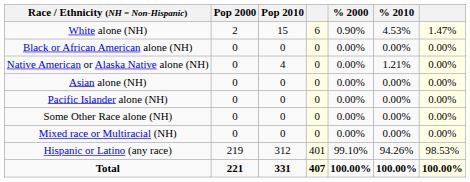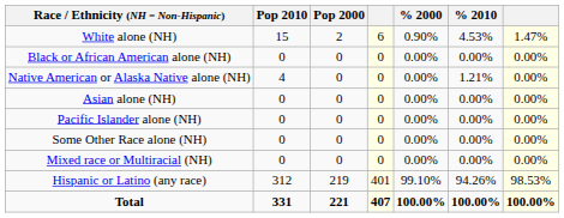 <table class="wikitable" style="text-align:center;">
 <tr>
 <th>Race / Ethnicity <small>(<em>NH = Non-Hispanic</em>)</small></th>
+<th>Pop 2010</th>
 <th>Pop 2000</th>
-<th>Pop 2010</th>
 <th></th>
 <th>% 2000</th>
 <th>% 2010</th>
 <th></th>
 </tr>
 <tr>
 <td><a href='#'>White</a> alone (NH)</td>
+<td>15</td>
 <td>2</td>
-<td>15</td>
 <td style='background: #ffffe6;'>6</td>
 <td>0.90%</td>
 <td>4.53%</td>
 <td style='background: #ffffe6;'>1.47%</td>
 </tr>
 <tr>
 <td><a href='#'>Black or African American</a> alone (NH)</td>
 <td>0</td>
 <td>0</td>
 <td style='background: #ffffe6;'>0</td>
 <td>0.00%</td>
 <td>0.00%</td>
 <td style='background: #ffffe6;'>0.00%</td>
 </tr>
 <tr>
 <td><a href='#'>Native American</a> or <a href='#'>Alaska Native</a> alone (NH)</td>
+<td>4</td>
 <td>0</td>
-<td>4</td>
 <td style='background: #ffffe6;'>0</td>
 <td>0.00%</td>
 <td>1.21%</td>
 <td style='background: #ffffe6;'>0.00%</td>
 </tr>
 <tr>
 <td><a href='#'>Asian</a> alone (NH)</td>
 <td>0</td>
 <td>0</td>
 <td style='background: #ffffe6;'>0</td>
 <td>0.00%</td>
 <td>0.00%</td>
 <td style='background: #ffffe6;'>0.00%</td>
 </tr>
 <tr>
 <td><a href='#'>Pacific Islander</a> alone (NH)</td>
 <td>0</td>
 <td>0</td>
 <td style='background: #ffffe6;'>0</td>
 <td>0.00%</td>
 <td>0.00%</td>
 <td style='background: #ffffe6;'>0.00%</td>
 </tr>
 <tr>
 <td>Some Other Race alone (NH)</td>
 <td>0</td>
 <td>0</td>
 <td style='background: #ffffe6;'>0</td>
 <td>0.00%</td>
 <td>0.00%</td>
 <td style='background: #ffffe6;'>0.00%</td>
 </tr>
 <tr>
 <td><a href='#'>Mixed race or Multiracial</a> (NH)</td>
 <td>0</td>
 <td>0</td>
 <td style='background: #ffffe6;'>0</td>
 <td>0.00%</td>
 <td>0.00%</td>
 <td style='background: #ffffe6;'>0.00%</td>
 </tr>
 <tr>
 <td><a href='#'>Hispanic or Latino</a> (any race)</td>
+<td>312</td>
 <td>219</td>
-<td>312</td>
 <td style='background: #ffffe6;'>401</td>
 <td>99.10%</td>
 <td>94.26%</td>
 <td style='background: #ffffe6;'>98.53%</td>
 </tr>
 <tr>
 <td><strong>Total</strong></td>
+<td><strong>331</strong></td>
 <td><strong>221</strong></td>
-<td><strong>331</strong></td>
 <td style='background: #ffffe6;'><strong>407</strong></td>
 <td><strong>100.00%</strong></td>
 <td><strong>100.00%</strong></td>
 <td style='background: #ffffe6;'><strong>100.00%</strong></td>
 </tr>
 </table>
